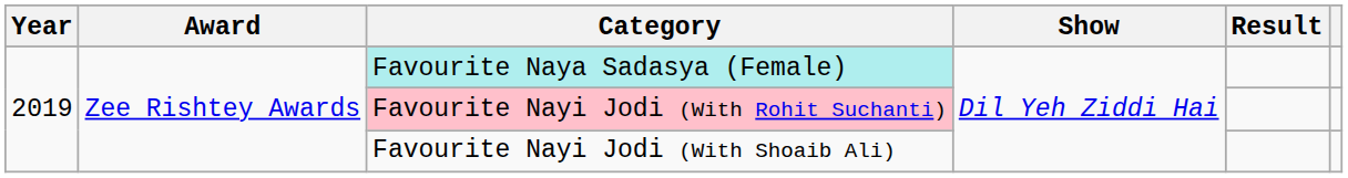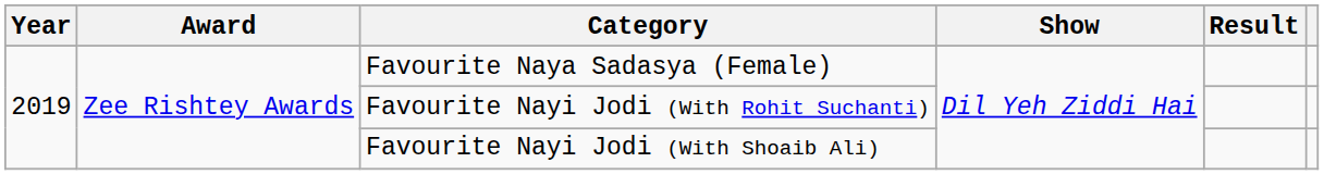 <table class="wikitable">
 <tr>
 <th>Year</th>
 <th>Award</th>
 <th>Category</th>
 <th>Show</th>
 <th>Result</th>
 <th></th>
 </tr>
 <tr>
 <td rowspan="3">2019</td>
 <td rowspan="3"><a href='#'>Zee Rishtey Awards</a></td>
-<td style="background: paleturquoise;">Favourite Naya Sadasya (Female)</td>
+<td>Favourite Naya Sadasya (Female)</td>
 <td rowspan="3"><em><a href='#'>Dil Yeh Ziddi Hai</a></em></td>
 <td></td>
 <td></td>
 </tr>
 <tr>
-<td style="background: pink;">Favourite Nayi Jodi <small>(With <a href='#'>Rohit Suchanti</a>)</small></td>
+<td>Favourite Nayi Jodi <small>(With <a href='#'>Rohit Suchanti</a>)</small></td>
 <td></td>
 <td></td>
 </tr>
 <tr>
 <td>Favourite Nayi Jodi <small>(With Shoaib Ali)</small></td>
 <td></td>
 <td></td>
 </tr>
 </table>
